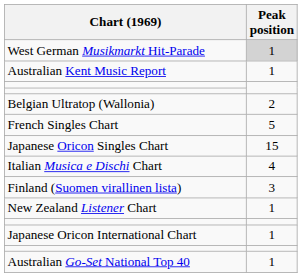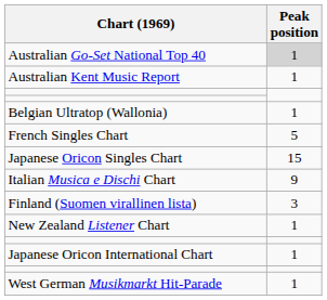 <table class="wikitable sortable">
 <tr>
 <th style="width:18em">Chart (1969)</th>
 <th>Peak<br>position</th>
 </tr>
 <tr>
-<td>West German <a href='#'><em>Musikmarkt</em> Hit-Parade</a></td>
+<td>Australian <a href='#'><em>Go-Set</em> National Top 40</a></td>
 <td style="background: lightgrey; text-align:center;">1</td>
 </tr>
 <tr>
 <td>Australian <a href='#'>Kent Music Report</a></td>
 <td style="text-align:center;">1</td>
 </tr>
 <tr>
 <td></td>
 </tr>
 <tr>
 <td></td>
 </tr>
 <tr>
 <td>Belgian Ultratop (Wallonia)</td>
-<td style="text-align:center;">2</td>
+<td style="text-align:center;">1</td>
 </tr>
 <tr>
 <td>French Singles Chart</td>
 <td style="text-align:center;">5</td>
 </tr>
 <tr>
 <td>Japanese <a href='#'>Oricon</a> Singles Chart</td>
 <td align="center">15</td>
 </tr>
 <tr>
 <td>Italian <em><a href='#'>Musica e Dischi</a></em> Chart</td>
-<td style="text-align:center;">4</td>
+<td style="text-align:center;">9</td>
 </tr>
 <tr>
 <td>Finland (<a href='#'>Suomen virallinen lista</a>)</td>
 <td style="text-align:center;">3</td>
 </tr>
 <tr>
 <td>New Zealand <em><a href='#'>Listener</a></em> Chart</td>
 <td style="text-align:center;">1</td>
 </tr>
 <tr>
 <td></td>
 </tr>
 <tr>
 <td>Japanese Oricon International Chart</td>
 <td style="text-align:center;">1</td>
 </tr>
 <tr>
 <td></td>
 </tr>
 <tr>
-<td>Australian <a href='#'><em>Go-Set</em> National Top 40</a></td>
+<td>West German <a href='#'><em>Musikmarkt</em> Hit-Parade</a></td>
 <td style="text-align:center;">1</td>
 </tr>
 </table>
